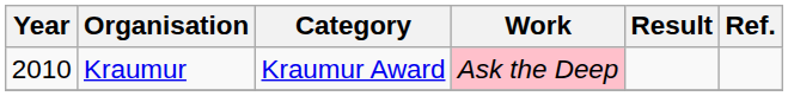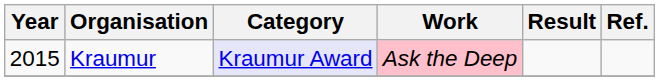 <table class="wikitable">
 <tr>
 <th>Year</th>
 <th>Organisation</th>
 <th>Category</th>
 <th>Work</th>
 <th>Result</th>
 <th>Ref.</th>
 </tr>
 <tr>
-<td>2010</td>
+<td>2015</td>
 <td><a href='#'>Kraumur</a></td>
-<td><a href='#'>Kraumur Award</a></td>
+<td style="background: lavender;"><a href='#'>Kraumur Award</a></td>
 <td style="background: pink;"><em>Ask the Deep</em></td>
 <td></td>
 <td></td>
 </tr>
 <tr>
 </tr>
 </table>
